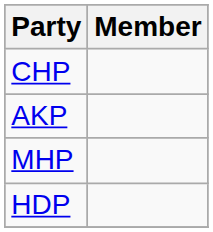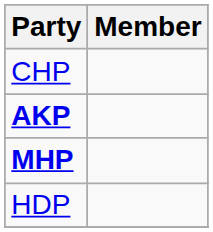 <table class="wikitable">
 <tr>
 <th>Party</th>
 <th colspan="2">Member</th>
 </tr>
 <tr>
 <td><a href='#'>CHP</a></td>
 <td></td>
 </tr>
 <tr>
-<td><a href='#'>AKP</a></td>
+<td><strong><a href='#'>AKP</a></strong></td>
 <td></td>
 </tr>
 <tr>
-<td><a href='#'>MHP</a></td>
+<td><strong><a href='#'>MHP</a></strong></td>
 <td></td>
 </tr>
 <tr>
 <td><a href='#'>HDP</a></td>
 <td></td>
 </tr>
 <tr>
 </tr>
 </table>
